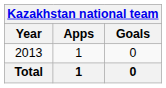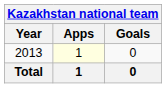 <table class="wikitable" style="text-align:center">
 <tr>
 <th colspan=3><a href='#'>Kazakhstan national team</a></th>
 </tr>
 <tr>
 <th>Year</th>
 <th>Apps</th>
 <th>Goals</th>
 </tr>
 <tr>
 <td>2013</td>
-<td>1</td>
+<td style="background: lightyellow;">1</td>
 <td>0</td>
 </tr>
 <tr>
 <th>Total</th>
 <th>1</th>
 <th>0</th>
 </tr>
 </table>
